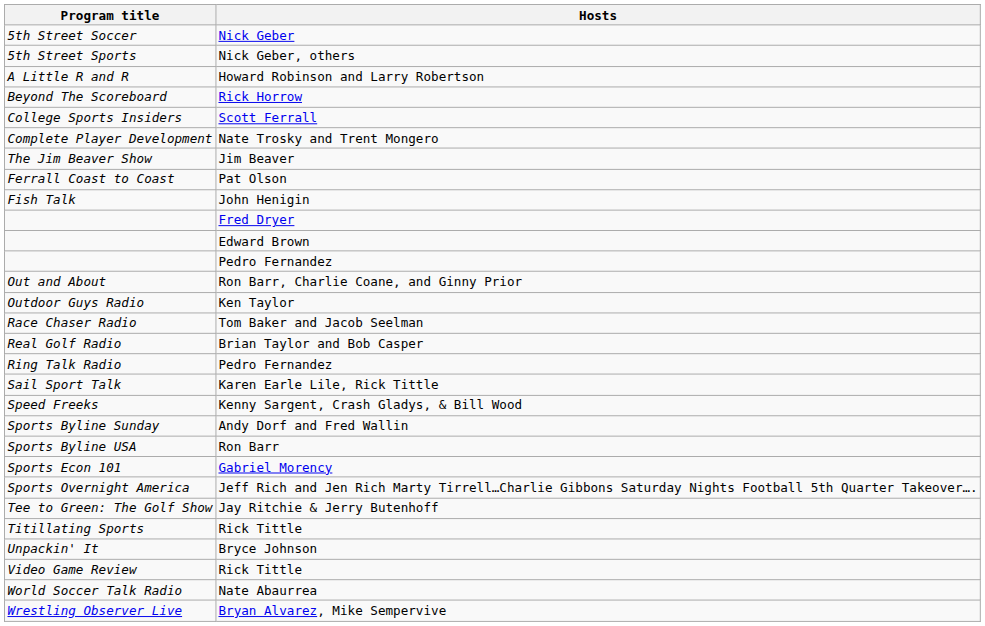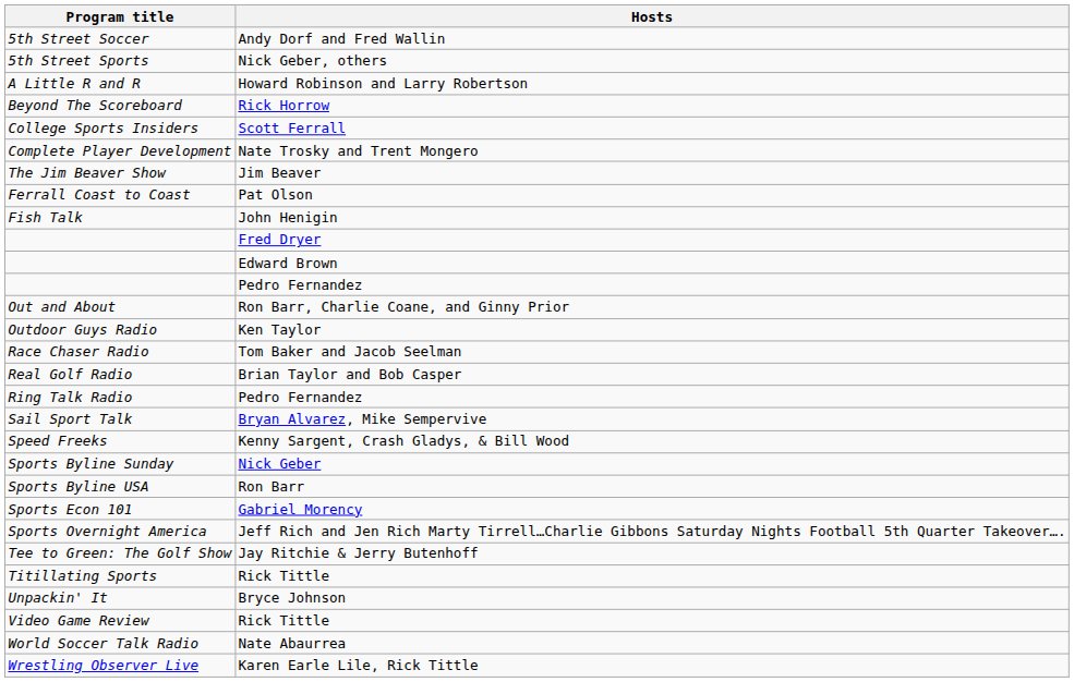 <table class="wikitable sortable">
 <tr>
 <th>Program title</th>
 <th>Hosts</th>
 </tr>
 <tr>
 <td><em>5th Street Soccer</em></td>
-<td><a href='#'>Nick Geber</a></td>
+<td>Andy Dorf and Fred Wallin</td>
 </tr>
 <tr>
 <td><em>5th Street Sports</em></td>
 <td>Nick Geber, others</td>
 </tr>
 <tr>
 <td><em>A Little R and R</em></td>
 <td>Howard Robinson and Larry Robertson</td>
 </tr>
 <tr>
 <td><em>Beyond The Scoreboard</em></td>
 <td><a href='#'>Rick Horrow</a></td>
 </tr>
 <tr>
 <td><em>College Sports Insiders</em></td>
 <td><a href='#'>Scott Ferrall</a></td>
 </tr>
 <tr>
 <td><em>Complete Player Development</em></td>
 <td>Nate Trosky and Trent Mongero</td>
 </tr>
 <tr>
 <td><em>The Jim Beaver Show</em></td>
 <td>Jim Beaver</td>
 </tr>
 <tr>
 <td><em>Ferrall Coast to Coast</em></td>
 <td>Pat Olson</td>
 </tr>
 <tr>
 <td><em>Fish Talk</em></td>
 <td>John Henigin</td>
 </tr>
 <tr>
 <td><em></em></td>
 <td><a href='#'>Fred Dryer</a></td>
 </tr>
 <tr>
 <td><em></em></td>
 <td>Edward Brown</td>
 </tr>
 <tr>
 <td><em></em></td>
 <td>Pedro Fernandez</td>
 </tr>
 <tr>
 <td><em>Out and About</em></td>
 <td>Ron Barr, Charlie Coane, and Ginny Prior</td>
 </tr>
 <tr>
 <td><em>Outdoor Guys Radio</em></td>
 <td>Ken Taylor</td>
 </tr>
 <tr>
 <td><em>Race Chaser Radio</em></td>
 <td>Tom Baker and Jacob Seelman</td>
 </tr>
 <tr>
 <td><em>Real Golf Radio</em></td>
 <td>Brian Taylor and Bob Casper</td>
 </tr>
 <tr>
 <td><em>Ring Talk Radio</em></td>
 <td>Pedro Fernandez</td>
 </tr>
 <tr>
 <td><em>Sail Sport Talk</em></td>
-<td>Karen Earle Lile, Rick Tittle</td>
+<td><a href='#'>Bryan Alvarez</a>, Mike Sempervive</td>
 </tr>
 <tr>
 <td><em>Speed Freeks</em></td>
 <td>Kenny Sargent, Crash Gladys, & Bill Wood</td>
 </tr>
 <tr>
 <td><em>Sports Byline Sunday</em></td>
-<td>Andy Dorf and Fred Wallin</td>
+<td><a href='#'>Nick Geber</a></td>
 </tr>
 <tr>
 <td><em>Sports Byline USA</em></td>
 <td>Ron Barr</td>
 </tr>
 <tr>
 <td><em>Sports Econ 101</em></td>
 <td><a href='#'>Gabriel Morency</a></td>
 </tr>
 <tr>
 <td><em>Sports Overnight America</em></td>
 <td>Jeff Rich and Jen Rich  Marty Tirrell…Charlie Gibbons Saturday Nights Football 5th Quarter Takeover….</td>
 </tr>
 <tr>
 <td><em>Tee to Green: The Golf Show</em></td>
 <td>Jay Ritchie & Jerry Butenhoff</td>
 </tr>
 <tr>
 <td><em>Titillating Sports</em></td>
 <td>Rick Tittle</td>
 </tr>
 <tr>
 <td><em>Unpackin' It</em></td>
 <td>Bryce Johnson</td>
 </tr>
 <tr>
 <td><em>Video Game Review</em></td>
 <td>Rick Tittle</td>
 </tr>
 <tr>
 <td><em>World Soccer Talk Radio</em></td>
 <td>Nate Abaurrea</td>
 </tr>
 <tr>
 <td><em><a href='#'>Wrestling Observer Live</a></em></td>
-<td><a href='#'>Bryan Alvarez</a>, Mike Sempervive</td>
+<td>Karen Earle Lile, Rick Tittle</td>
 </tr>
 </table>
